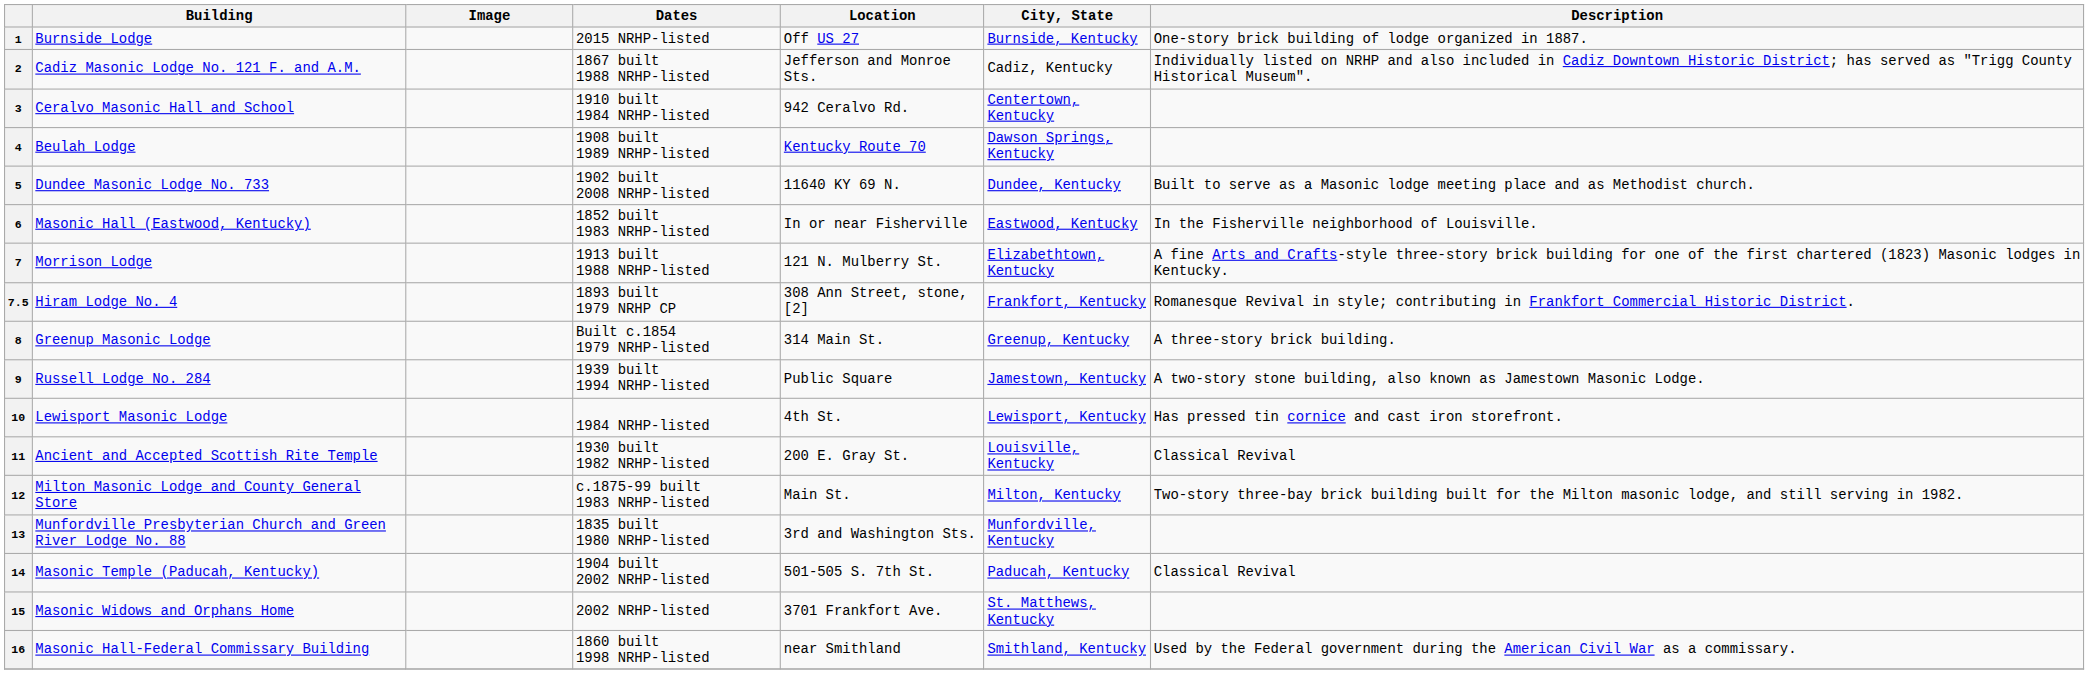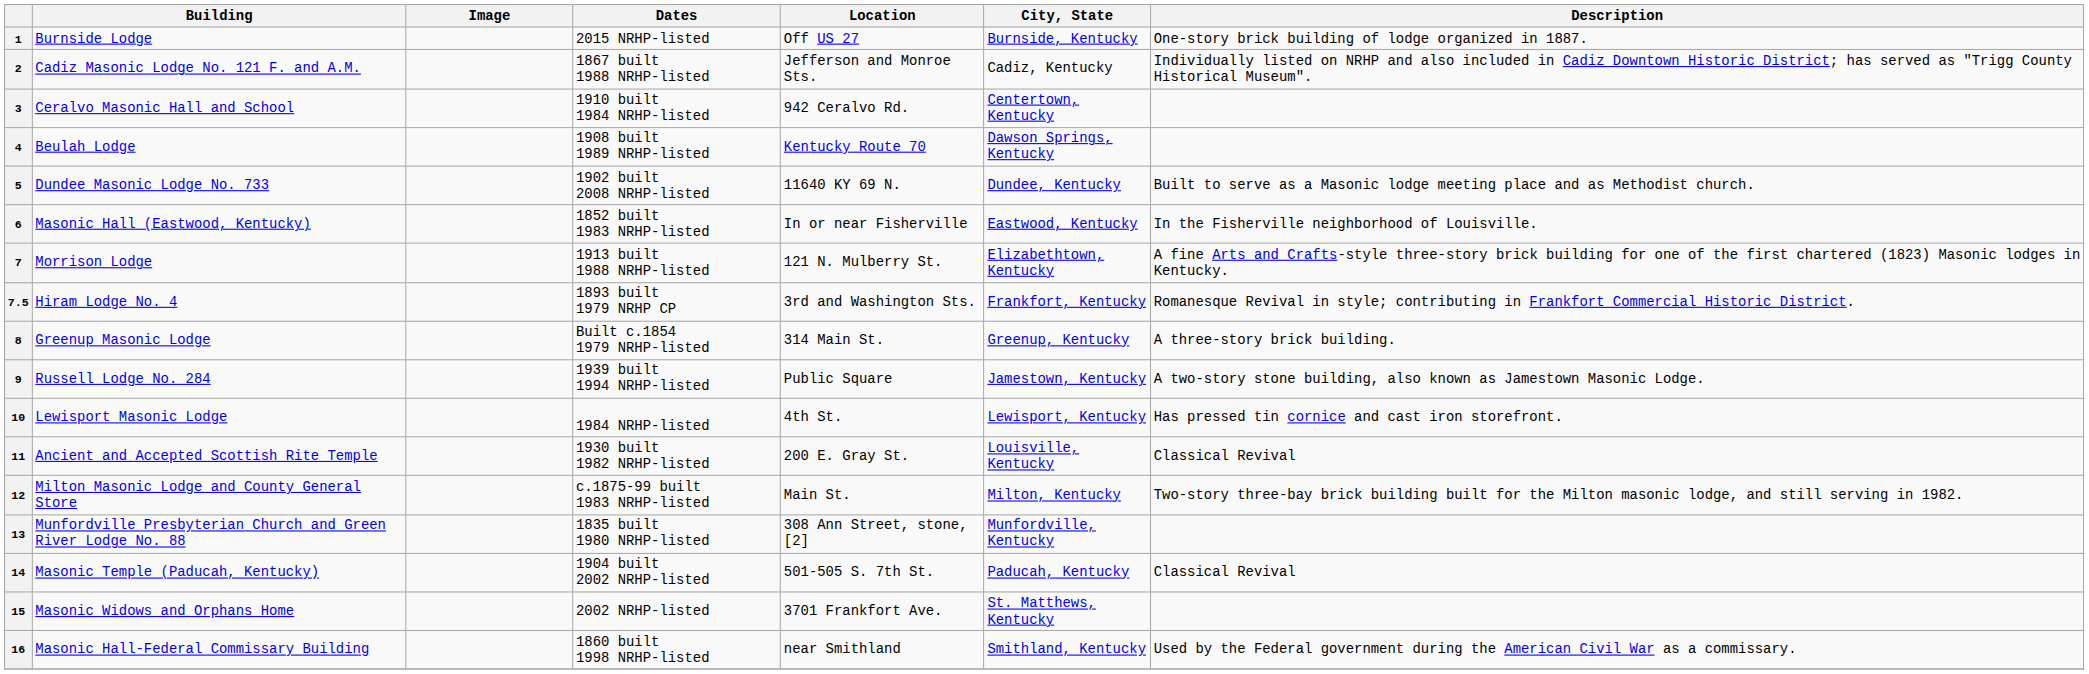 <table class="wikitable sortable" style="width:98%">
 <tr>
 <th></th>
 <th width = 18%><strong>Building</strong></th>
 <th width = 8% class="unsortable"><strong>Image</strong></th>
 <th width = 10%><strong>Dates</strong></th>
 <th><strong>Location</strong></th>
 <th width = 8%><strong>City, State</strong></th>
 <th class="unsortable"><strong>Description</strong></th>
 </tr>
 <tr ->
 <th><small>1</small></th>
 <td><a href='#'>Burnside Lodge</a></td>
 <td></td>
 <td>2015 NRHP-listed</td>
 <td>Off <a href='#'>US 27</a><br><small></small></td>
 <td><a href='#'>Burnside, Kentucky</a></td>
 <td>One-story brick building of lodge organized in 1887.</td>
 </tr>
 <tr ->
 <th><small>2</small></th>
 <td><a href='#'>Cadiz Masonic Lodge No. 121 F. and A.M.</a></td>
 <td></td>
 <td>1867 built<br>1988 NRHP-listed</td>
 <td>Jefferson and Monroe Sts.<br><small></small></td>
 <td>Cadiz, Kentucky</td>
 <td>Individually listed on NRHP and also included in <a href='#'>Cadiz Downtown Historic District</a>;  has served as "Trigg County Historical Museum".</td>
 </tr>
 <tr ->
 <th><small>3</small></th>
 <td><a href='#'>Ceralvo Masonic Hall and School</a></td>
 <td></td>
 <td>1910 built<br>1984 NRHP-listed</td>
 <td>942 Ceralvo Rd.<br><small></small></td>
 <td><a href='#'>Centertown, Kentucky</a></td>
 <td></td>
 </tr>
 <tr ->
 <th><small>4</small></th>
 <td><a href='#'>Beulah Lodge</a></td>
 <td></td>
 <td>1908 built<br>1989 NRHP-listed</td>
 <td><a href='#'>Kentucky Route 70</a><br><small></small></td>
 <td><a href='#'>Dawson Springs, Kentucky</a></td>
 <td></td>
 </tr>
 <tr ->
 <th><small>5</small></th>
 <td><a href='#'>Dundee Masonic Lodge No. 733</a></td>
 <td></td>
 <td>1902 built<br>2008 NRHP-listed</td>
 <td>11640 KY 69 N.<br></td>
 <td><a href='#'>Dundee, Kentucky</a></td>
 <td>Built to serve as a Masonic lodge meeting place and as Methodist church.</td>
 </tr>
 <tr ->
 <th><small>6</small></th>
 <td><a href='#'>Masonic Hall (Eastwood, Kentucky)</a></td>
 <td></td>
 <td>1852 built<br>1983 NRHP-listed</td>
 <td>In or near Fisherville<br><small></small></td>
 <td><a href='#'>Eastwood, Kentucky</a></td>
 <td>In the Fisherville neighborhood of Louisville.</td>
 </tr>
 <tr ->
 <th><small>7</small></th>
 <td><a href='#'>Morrison Lodge</a></td>
 <td></td>
 <td>1913 built<br>1988 NRHP-listed</td>
 <td>121 N. Mulberry St.<br><small></small></td>
 <td><a href='#'>Elizabethtown, Kentucky</a></td>
 <td>A fine <a href='#'>Arts and Crafts</a>-style three-story brick building for one of the first chartered (1823) Masonic lodges in Kentucky.</td>
 </tr>
 <tr ->
 <th><small>7.5</small></th>
 <td><a href='#'>Hiram Lodge No. 4</a></td>
 <td></td>
 <td>1893 built<br>1979 NRHP CP</td>
-<td>308 Ann Street, stone, [2]</td>
+<td>3rd and Washington Sts.<br><small></small></td>
 <td><a href='#'>Frankfort, Kentucky</a></td>
 <td>Romanesque Revival in style; contributing in <a href='#'>Frankfort Commercial Historic District</a>.</td>
 </tr>
 <tr ->
 <th><small>8</small></th>
 <td><a href='#'>Greenup Masonic Lodge</a></td>
 <td></td>
 <td>Built c.1854<br>1979 NRHP-listed</td>
 <td>314 Main St.<br><small></small></td>
 <td><a href='#'>Greenup, Kentucky</a></td>
 <td>A three-story brick building.</td>
 </tr>
 <tr ->
 <th><small>9</small></th>
 <td><a href='#'>Russell Lodge No. 284</a></td>
 <td></td>
 <td>1939 built<br>1994 NRHP-listed</td>
 <td>Public Square<br><small></small></td>
 <td><a href='#'>Jamestown, Kentucky</a></td>
 <td>A two-story stone building, also known as Jamestown Masonic Lodge.</td>
 </tr>
 <tr ->
 <th><small>10</small></th>
 <td><a href='#'>Lewisport Masonic Lodge</a></td>
 <td></td>
 <td><br>1984 NRHP-listed</td>
 <td>4th St.<br><small></small></td>
 <td><a href='#'>Lewisport, Kentucky</a></td>
 <td>Has pressed tin <a href='#'>cornice</a> and cast iron storefront.</td>
 </tr>
 <tr ->
 <th><small>11</small></th>
 <td><a href='#'>Ancient and Accepted Scottish Rite Temple</a></td>
 <td></td>
 <td>1930 built<br>1982 NRHP-listed</td>
 <td>200 E. Gray St.<br><small></small></td>
 <td><a href='#'>Louisville, Kentucky</a></td>
 <td>Classical Revival</td>
 </tr>
 <tr ->
 <th><small>12</small></th>
 <td><a href='#'>Milton Masonic Lodge and County General Store</a></td>
 <td></td>
 <td>c.1875-99 built<br>1983 NRHP-listed</td>
 <td>Main St.<br><small></small></td>
 <td><a href='#'>Milton, Kentucky</a></td>
 <td>Two-story three-bay brick building built for the Milton masonic lodge, and still serving in 1982.</td>
 </tr>
 <tr ->
 <th><small>13</small></th>
 <td><a href='#'>Munfordville Presbyterian Church and Green River Lodge No. 88</a></td>
 <td></td>
 <td>1835 built<br>1980 NRHP-listed</td>
-<td>3rd and Washington Sts.<br><small></small></td>
+<td>308 Ann Street, stone, [2]</td>
 <td><a href='#'>Munfordville, Kentucky</a></td>
 <td></td>
 </tr>
 <tr ->
 <th><small>14</small></th>
 <td><a href='#'>Masonic Temple (Paducah, Kentucky)</a></td>
 <td></td>
 <td>1904 built<br>2002 NRHP-listed</td>
 <td>501-505 S. 7th St.<br><small></small></td>
 <td><a href='#'>Paducah, Kentucky</a></td>
 <td>Classical Revival</td>
 </tr>
 <tr ->
 <th><small>15</small></th>
 <td><a href='#'>Masonic Widows and Orphans Home</a></td>
 <td></td>
 <td>2002 NRHP-listed</td>
 <td>3701 Frankfort Ave.<br></td>
 <td><a href='#'>St. Matthews, Kentucky</a></td>
 <td></td>
 </tr>
 <tr ->
 <th><small>16</small></th>
 <td><a href='#'>Masonic Hall-Federal Commissary Building</a></td>
 <td></td>
 <td>1860 built<br>1998 NRHP-listed</td>
 <td>near Smithland<br><small></small></td>
 <td><a href='#'>Smithland, Kentucky</a></td>
 <td>Used by the Federal government during the <a href='#'>American Civil War</a> as a commissary.</td>
 </tr>
 <tr ->
 </tr>
 </table>
